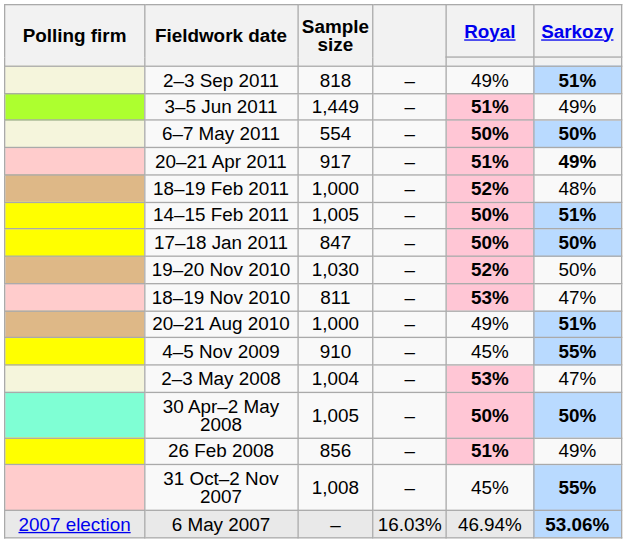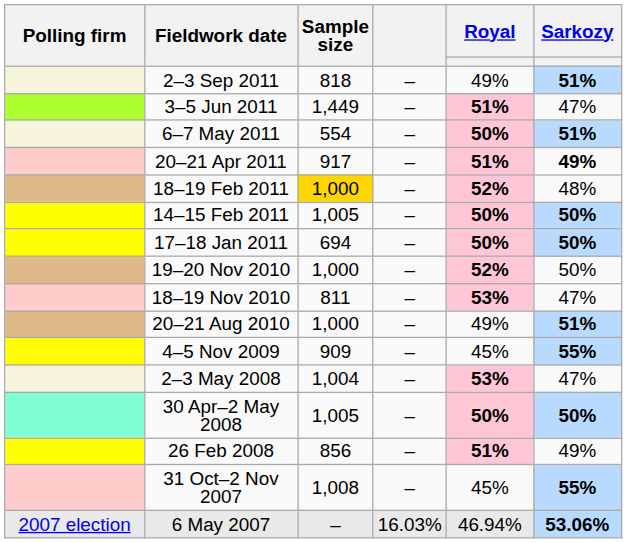 <table class="wikitable sortable" style="text-align:center;font-size:90%;line-height:14px;">
 <tr style="height:40px;">
 <th style="width:100px;" rowspan="2">Polling firm</th>
 <th style="width:110px;" rowspan="2">Fieldwork date</th>
 <th style="width:35px;" rowspan="2">Sample<br>size</th>
 <th style="width:30px;" rowspan="2"></th>
 <th class="unsortable" style="width:60px;"><a href='#'>Royal</a><br></th>
 <th class="unsortable" style="width:60px;"><a href='#'>Sarkozy</a><br></th>
 </tr>
 <tr>
 <th style="background:"></th>
 <th style="background:"></th>
 </tr>
 <tr>
 <td style="background:beige;"></td>
 <td data-sort-value="2011-09-03">2–3 Sep 2011</td>
 <td>818</td>
 <td>–</td>
 <td>49%</td>
 <td style="background:#B9DAFF;"><strong>51%</strong></td>
 </tr>
 <tr>
 <td style="background:GreenYellow;"></td>
 <td data-sort-value="2011-06-05">3–5 Jun 2011</td>
 <td>1,449</td>
 <td>–</td>
 <td style="background:#FFC6D5;"><strong>51%</strong></td>
-<td>49%</td>
+<td>47%</td>
 </tr>
 <tr>
 <td style="background:beige;"></td>
 <td data-sort-value="2011-05-07">6–7 May 2011</td>
 <td>554</td>
 <td>–</td>
 <td style="background:#FFC6D5;"><strong>50%</strong></td>
-<td style="background:#B9DAFF;"><strong>50%</strong></td>
+<td style="background:#B9DAFF;"><strong>51%</strong></td>
 </tr>
 <tr>
 <td style="background:#FFCCCC;"></td>
 <td data-sort-value="2011-04-21">20–21 Apr 2011</td>
 <td>917</td>
 <td>–</td>
 <td style="background:#FFC6D5;"><strong>51%</strong></td>
 <td><strong>49%</strong></td>
 </tr>
 <tr>
 <td style="background:burlywood;"> </td>
 <td data-sort-value="2011-02-19">18–19 Feb 2011</td>
-<td>1,000</td>
+<td style="background: gold;">1,000</td>
 <td>–</td>
 <td style="background:#FFC6D5;"><strong>52%</strong></td>
 <td>48%</td>
 </tr>
 <tr>
 <td style="background:yellow;"></td>
 <td data-sort-value="2011-02-15">14–15 Feb 2011</td>
 <td>1,005</td>
 <td>–</td>
 <td style="background:#FFC6D5;"><strong>50%</strong></td>
-<td style="background:#B9DAFF;"><strong>51%</strong></td>
+<td style="background:#B9DAFF;"><strong>50%</strong></td>
 </tr>
 <tr>
 <td style="background:yellow;"></td>
 <td data-sort-value="2011-01-18">17–18 Jan 2011</td>
-<td>847</td>
+<td>694</td>
 <td>–</td>
 <td style="background:#FFC6D5;"><strong>50%</strong></td>
 <td style="background:#B9DAFF;"><strong>50%</strong></td>
 </tr>
 <tr>
 <td style="background:burlywood;"> </td>
 <td data-sort-value="2010-11-20">19–20 Nov 2010</td>
-<td>1,030</td>
+<td>1,000</td>
 <td>–</td>
 <td style="background:#FFC6D5;"><strong>52%</strong></td>
 <td>50%</td>
 </tr>
 <tr>
 <td style="background:#FFCCCC;"></td>
 <td data-sort-value="2010-11-19">18–19 Nov 2010</td>
 <td>811</td>
 <td>–</td>
 <td style="background:#FFC6D5;"><strong>53%</strong></td>
 <td>47%</td>
 </tr>
 <tr>
 <td style="background:burlywood;"> </td>
 <td data-sort-value="2010-08-21">20–21 Aug 2010</td>
 <td>1,000</td>
 <td>–</td>
 <td>49%</td>
 <td style="background:#B9DAFF;"><strong>51%</strong></td>
 </tr>
 <tr>
 <td style="background:yellow;"></td>
 <td data-sort-value="2009-11-05">4–5 Nov 2009</td>
-<td>910</td>
+<td>909</td>
 <td>–</td>
 <td>45%</td>
 <td style="background:#B9DAFF;"><strong>55%</strong></td>
 </tr>
 <tr>
 <td style="background:beige;"></td>
 <td data-sort-value="2008-05-03">2–3 May 2008</td>
 <td>1,004</td>
 <td>–</td>
 <td style="background:#FFC6D5;"><strong>53%</strong></td>
 <td>47%</td>
 </tr>
 <tr>
 <td style="background:aquamarine;"></td>
 <td data-sort-value="2008-05-02">30 Apr–2 May 2008</td>
 <td>1,005</td>
 <td>–</td>
 <td style="background:#FFC6D5;"><strong>50%</strong></td>
 <td style="background:#B9DAFF;"><strong>50%</strong></td>
 </tr>
 <tr>
 <td style="background:yellow;"></td>
 <td data-sort-value="2008-02-26">26 Feb 2008</td>
 <td>856</td>
 <td>–</td>
 <td style="background:#FFC6D5;"><strong>51%</strong></td>
 <td>49%</td>
 </tr>
 <tr>
 <td style="background:#FFCCCC;"></td>
 <td data-sort-value="2007-11-02">31 Oct–2 Nov 2007</td>
 <td>1,008</td>
 <td>–</td>
 <td>45%</td>
 <td style="background:#B9DAFF;"><strong>55%</strong></td>
 </tr>
 <tr style="background:#E9E9E9;">
 <td><a href='#'>2007 election</a></td>
 <td data-sort-value="2007-05-06">6 May 2007</td>
 <td>–</td>
 <td>16.03%</td>
 <td>46.94%</td>
 <td style="background:#B9DAFF;"><strong>53.06%</strong></td>
 </tr>
 </table>
